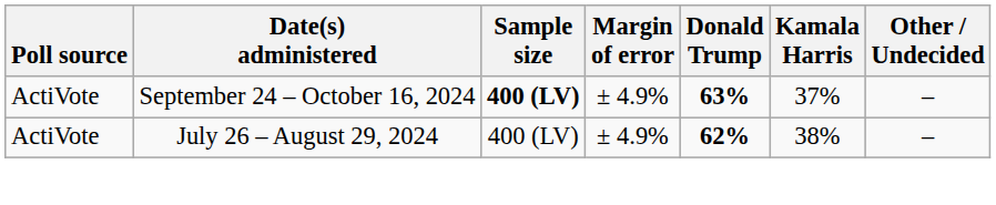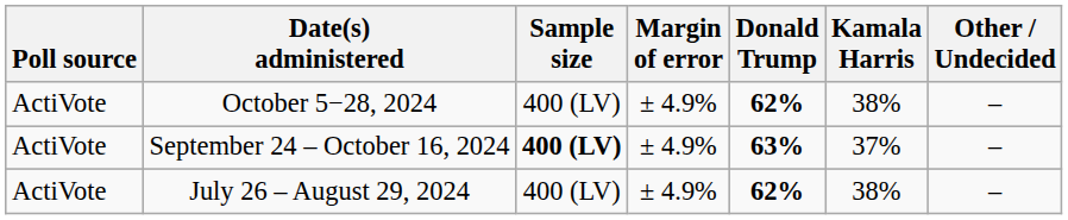 <table class="wikitable sortable mw-datatable" style="font-size:90%;text-align:center;line-height:17px">
 <tr valign=bottom>
 <th>Poll source</th>
 <th>Date(s)<br>administered</th>
 <th>Sample<br>size</th>
 <th>Margin<br>of error</th>
 <th class="unsortable">Donald<br>Trump<br></th>
 <th class="unsortable">Kamala<br>Harris<br></th>
 <th class="unsortable">Other /<br>Undecided</th>
+</tr>
+<tr>
+<td style="text-align:left;">ActiVote</td>
+<td data-sort-value="2024-10-28">October 5−28, 2024</td>
+<td>400 (LV)</td>
+<td>± 4.9%</td>
+<td style="background-color:"><strong>62%</strong></td>
+<td>38%</td>
+<td>–</td>
 </tr>
 <tr>
 <td style="text-align:left;">ActiVote</td>
 <td>September 24 – October 16, 2024</td>
 <td><strong>400 (LV)</strong></td>
 <td>± 4.9%</td>
 <td style="background-color:"><strong>63%</strong></td>
 <td>37%</td>
 <td>–</td>
 </tr>
 <tr>
 <td style="text-align:left;">ActiVote</td>
 <td>July 26 – August 29, 2024</td>
 <td>400 (LV)</td>
 <td>± 4.9%</td>
 <td style="background-color:"><strong>62%</strong></td>
 <td>38%</td>
 <td>–</td>
 </tr>
 </table>
